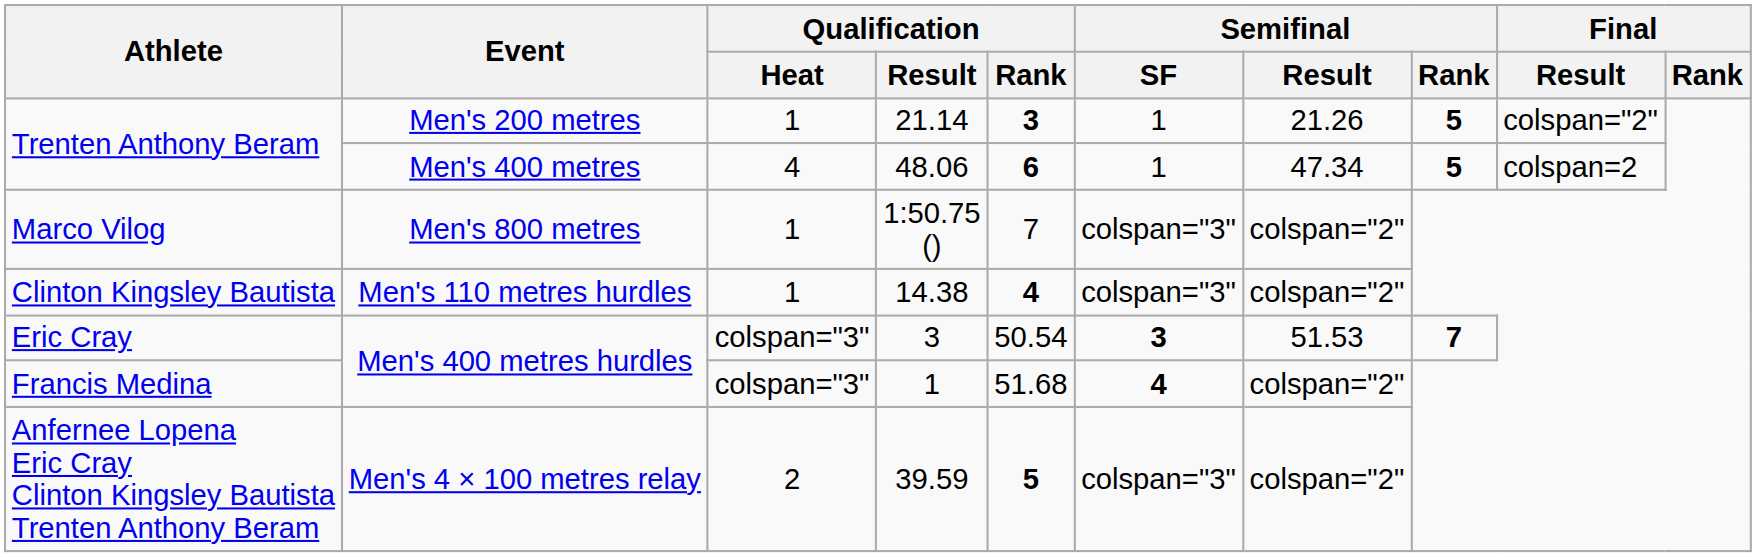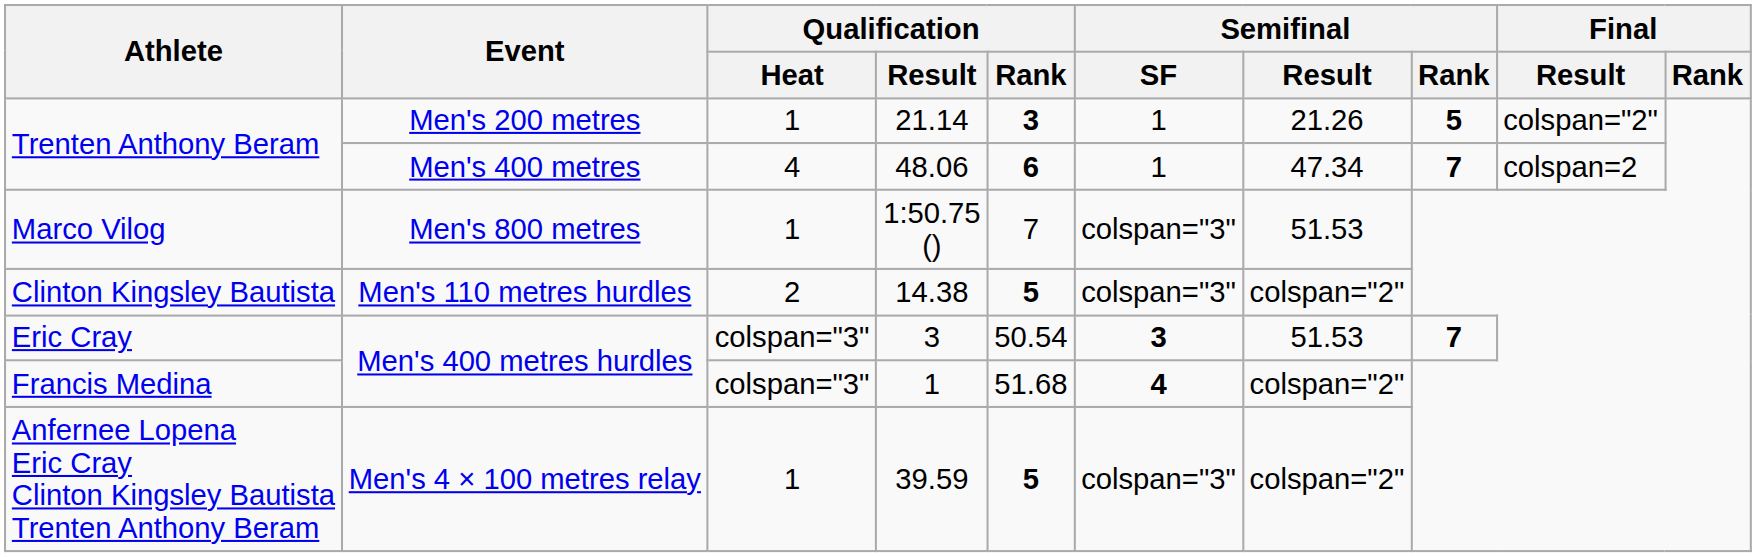 <table class=wikitable  style="font-size:90%">
 <tr>
 <th rowspan=2>Athlete</th>
 <th rowspan=2>Event</th>
 <th colspan=3>Qualification</th>
 <th colspan=3>Semifinal</th>
 <th colspan=2>Final</th>
 </tr>
 <tr>
 <th>Heat</th>
 <th>Result</th>
 <th>Rank</th>
 <th>SF</th>
 <th>Result</th>
 <th>Rank</th>
 <th>Result</th>
 <th>Rank</th>
 </tr>
 <tr>
 <td rowspan=2><a href='#'>Trenten Anthony Beram</a></td>
 <td align=center><a href='#'>Men's 200 metres</a></td>
 <td align=center>1</td>
 <td align=center>21.14</td>
 <td align=center><strong>3 </strong></td>
 <td align=center>1</td>
 <td align=center>21.26</td>
 <td align=center><strong>5</strong></td>
 <td>colspan="2" </td>
 </tr>
 <tr>
 <td align=center><a href='#'>Men's 400 metres</a></td>
 <td align=center>4</td>
 <td align=center>48.06</td>
 <td align=center><strong>6 </strong></td>
 <td align=center>1</td>
 <td align=center>47.34</td>
-<td align=center><strong>5</strong></td>
+<td align=center><strong>7</strong></td>
 <td>colspan=2 </td>
 </tr>
 <tr>
 <td><a href='#'>Marco Vilog</a></td>
 <td align=center><a href='#'>Men's 800 metres</a></td>
 <td align=center>1</td>
 <td align=center>1:50.75<br>()</td>
 <td align=center>7</td>
 <td>colspan="3" </td>
-<td>colspan="2" </td>
+<td align=center>51.53</td>
 </tr>
 <tr>
 <td><a href='#'>Clinton Kingsley Bautista</a></td>
 <td align=center><a href='#'>Men's 110 metres hurdles</a></td>
-<td align=center>1</td>
+<td align=center>2</td>
 <td align=center>14.38</td>
-<td align=center><strong>4</strong></td>
+<td align=center><strong>5</strong></td>
 <td>colspan="3" </td>
 <td>colspan="2" </td>
 </tr>
 <tr>
 <td><a href='#'>Eric Cray</a></td>
 <td align=center rowspan=2><a href='#'>Men's 400 metres hurdles</a></td>
 <td>colspan="3" </td>
 <td align=center>3</td>
 <td align=center>50.54</td>
 <td align=center><strong>3 </strong></td>
 <td align=center>51.53</td>
 <td align=center><strong>7</strong></td>
 </tr>
 <tr>
 <td><a href='#'>Francis Medina</a></td>
 <td>colspan="3" </td>
 <td align=center>1</td>
 <td align=center>51.68</td>
 <td align=center><strong>4</strong></td>
 <td>colspan="2" </td>
 </tr>
 <tr>
 <td><a href='#'>Anfernee Lopena</a><br><a href='#'>Eric Cray</a><br><a href='#'>Clinton Kingsley Bautista</a><br><a href='#'>Trenten Anthony Beram</a></td>
 <td align=center><a href='#'>Men's 4 × 100 metres relay</a></td>
-<td align=center>2</td>
+<td align=center>1</td>
 <td align=center>39.59</td>
 <td align=center><strong>5</strong></td>
 <td>colspan="3" </td>
 <td>colspan="2" </td>
 </tr>
 </table>
